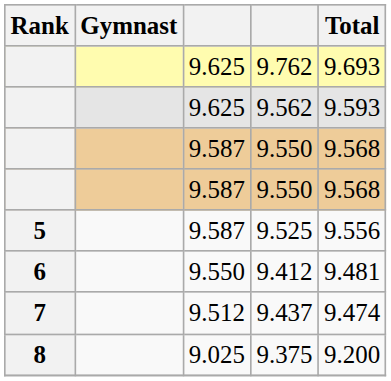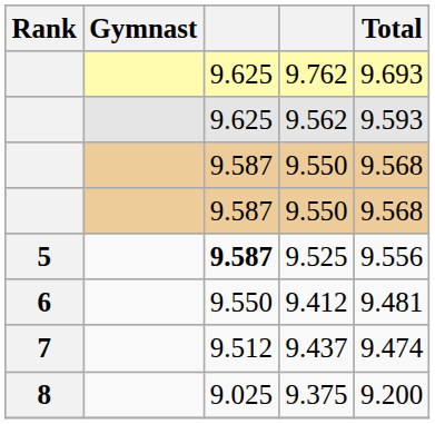 <table class="wikitable sortable" style="text-align:center; font-size:95%">
 <tr>
 <th scope=col>Rank</th>
 <th scope=col>Gymnast</th>
 <th scope=col></th>
 <th scope=col></th>
 <th scope=col>Total</th>
 </tr>
 <tr bgcolor=fffcaf>
 <th scope=row style="text-align:center"></th>
 <td align=left></td>
 <td>9.625</td>
 <td>9.762</td>
 <td>9.693</td>
 </tr>
 <tr bgcolor=e5e5e5>
 <th scope=row style="text-align:center"></th>
 <td align=left></td>
 <td>9.625</td>
 <td>9.562</td>
 <td>9.593</td>
 </tr>
 <tr bgcolor=eecc99>
 <th scope=row style="text-align:center"></th>
 <td align=left></td>
 <td>9.587</td>
 <td>9.550</td>
 <td>9.568</td>
 </tr>
 <tr bgcolor=eecc99>
 <th scope=row style="text-align:center"></th>
 <td align=left></td>
 <td>9.587</td>
 <td>9.550</td>
 <td>9.568</td>
 </tr>
 <tr>
 <th scope=row style="text-align:center">5</th>
 <td align=left></td>
-<td>9.587</td>
+<td><strong>9.587</strong></td>
 <td>9.525</td>
 <td>9.556</td>
 </tr>
 <tr>
 <th scope=row style="text-align:center">6</th>
 <td align=left></td>
 <td>9.550</td>
 <td>9.412</td>
 <td>9.481</td>
 </tr>
 <tr>
 <th scope=row style="text-align:center">7</th>
 <td align=left></td>
 <td>9.512</td>
 <td>9.437</td>
 <td>9.474</td>
 </tr>
 <tr>
 <th scope=row style="text-align:center">8</th>
 <td align=left></td>
 <td>9.025</td>
 <td>9.375</td>
 <td>9.200</td>
 </tr>
 <tr>
 </tr>
 </table>
